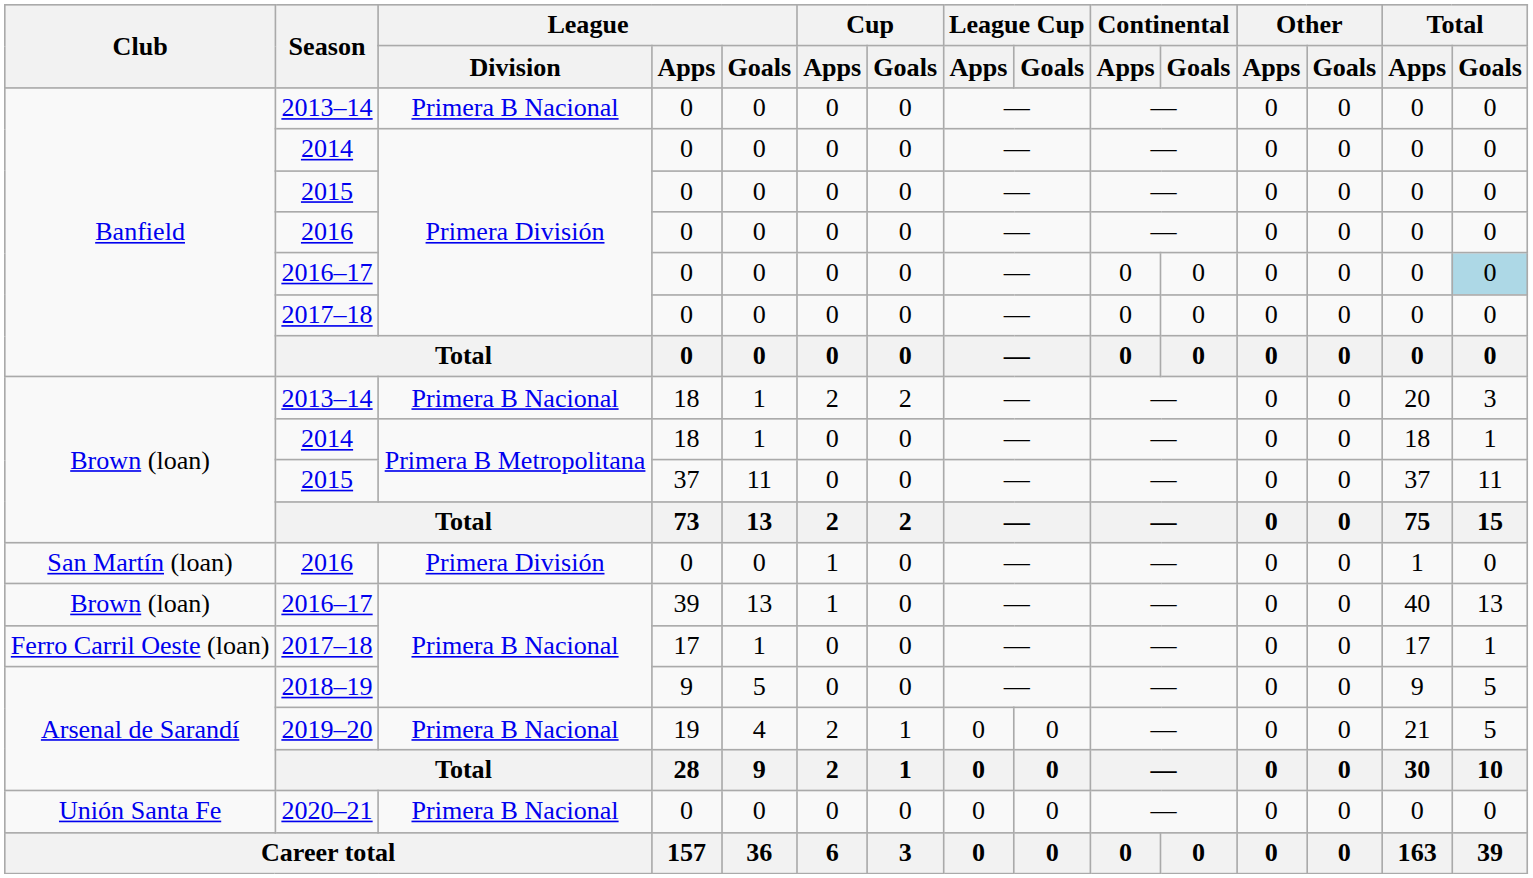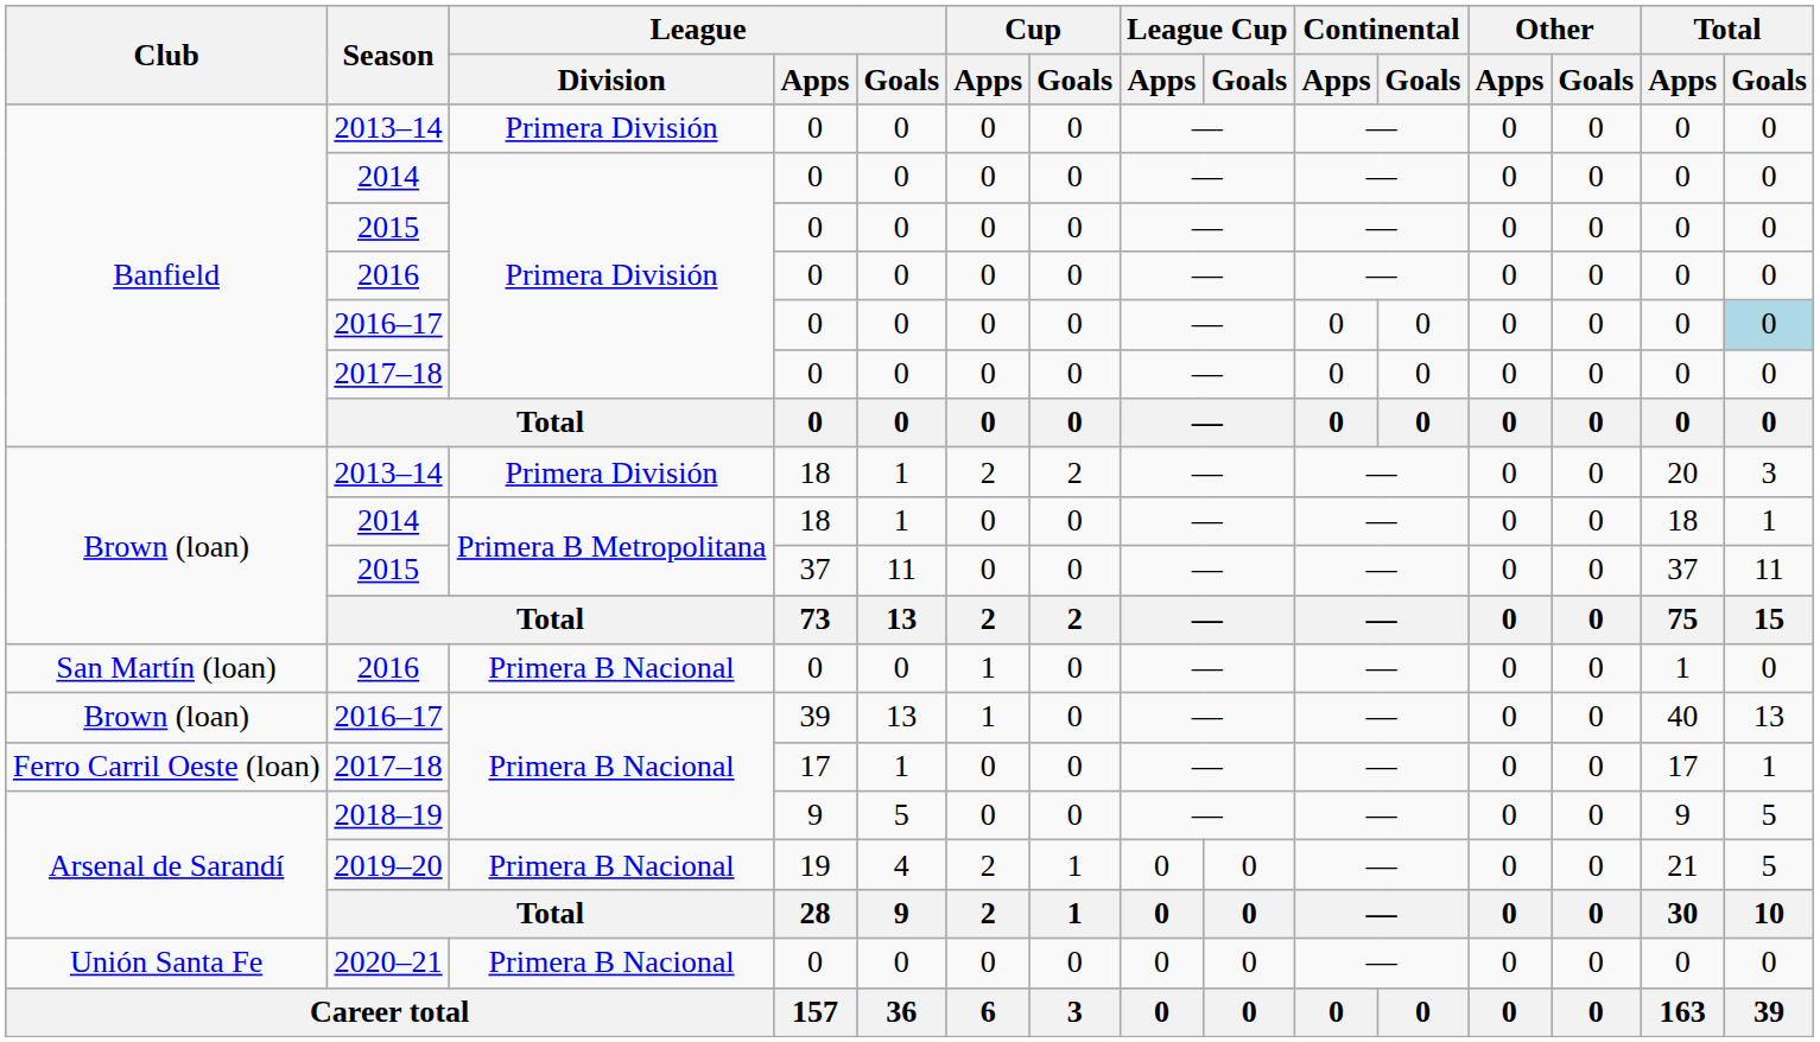 <table class="wikitable" style="text-align:center">
 <tr>
 <th rowspan="2">Club</th>
 <th rowspan="2">Season</th>
 <th colspan="3">League</th>
 <th colspan="2">Cup</th>
 <th colspan="2">League Cup</th>
 <th colspan="2">Continental</th>
 <th colspan="2">Other</th>
 <th colspan="2">Total</th>
 </tr>
 <tr>
 <th>Division</th>
 <th>Apps</th>
 <th>Goals</th>
 <th>Apps</th>
 <th>Goals</th>
 <th>Apps</th>
 <th>Goals</th>
 <th>Apps</th>
 <th>Goals</th>
 <th>Apps</th>
 <th>Goals</th>
 <th>Apps</th>
 <th>Goals</th>
 </tr>
 <tr>
 <td rowspan="7"><a href='#'>Banfield</a></td>
 <td><a href='#'>2013–14</a></td>
-<td rowspan="1"><a href='#'>Primera B Nacional</a></td>
+<td rowspan="1"><a href='#'>Primera División</a></td>
 <td>0</td>
 <td>0</td>
 <td>0</td>
 <td>0</td>
 <td colspan="2">—</td>
 <td colspan="2">—</td>
 <td>0</td>
 <td>0</td>
 <td>0</td>
 <td>0</td>
 </tr>
 <tr>
 <td><a href='#'>2014</a></td>
 <td rowspan="5"><a href='#'>Primera División</a></td>
 <td>0</td>
 <td>0</td>
 <td>0</td>
 <td>0</td>
 <td colspan="2">—</td>
 <td colspan="2">—</td>
 <td>0</td>
 <td>0</td>
 <td>0</td>
 <td>0</td>
 </tr>
 <tr>
 <td><a href='#'>2015</a></td>
 <td>0</td>
 <td>0</td>
 <td>0</td>
 <td>0</td>
 <td colspan="2">—</td>
 <td colspan="2">—</td>
 <td>0</td>
 <td>0</td>
 <td>0</td>
 <td>0</td>
 </tr>
 <tr>
 <td><a href='#'>2016</a></td>
 <td>0</td>
 <td>0</td>
 <td>0</td>
 <td>0</td>
 <td colspan="2">—</td>
 <td colspan="2">—</td>
 <td>0</td>
 <td>0</td>
 <td>0</td>
 <td>0</td>
 </tr>
 <tr>
 <td><a href='#'>2016–17</a></td>
 <td>0</td>
 <td>0</td>
 <td>0</td>
 <td>0</td>
 <td colspan="2">—</td>
 <td>0</td>
 <td>0</td>
 <td>0</td>
 <td>0</td>
 <td>0</td>
 <td style="background: lightblue;">0</td>
 </tr>
 <tr>
 <td><a href='#'>2017–18</a></td>
 <td>0</td>
 <td>0</td>
 <td>0</td>
 <td>0</td>
 <td colspan="2">—</td>
 <td>0</td>
 <td>0</td>
 <td>0</td>
 <td>0</td>
 <td>0</td>
 <td>0</td>
 </tr>
 <tr>
 <th colspan="2">Total</th>
 <th>0</th>
 <th>0</th>
 <th>0</th>
 <th>0</th>
 <th colspan="2">—</th>
 <th>0</th>
 <th>0</th>
 <th>0</th>
 <th>0</th>
 <th>0</th>
 <th>0</th>
 </tr>
 <tr>
 <td rowspan="4"><a href='#'>Brown</a> (loan)</td>
 <td><a href='#'>2013–14</a></td>
-<td rowspan="1"><a href='#'>Primera B Nacional</a></td>
+<td rowspan="1"><a href='#'>Primera División</a></td>
 <td>18</td>
 <td>1</td>
 <td>2</td>
 <td>2</td>
 <td colspan="2">—</td>
 <td colspan="2">—</td>
 <td>0</td>
 <td>0</td>
 <td>20</td>
 <td>3</td>
 </tr>
 <tr>
 <td><a href='#'>2014</a></td>
 <td rowspan="2"><a href='#'>Primera B Metropolitana</a></td>
 <td>18</td>
 <td>1</td>
 <td>0</td>
 <td>0</td>
 <td colspan="2">—</td>
 <td colspan="2">—</td>
 <td>0</td>
 <td>0</td>
 <td>18</td>
 <td>1</td>
 </tr>
 <tr>
 <td><a href='#'>2015</a></td>
 <td>37</td>
 <td>11</td>
 <td>0</td>
 <td>0</td>
 <td colspan="2">—</td>
 <td colspan="2">—</td>
 <td>0</td>
 <td>0</td>
 <td>37</td>
 <td>11</td>
 </tr>
 <tr>
 <th colspan="2">Total</th>
 <th>73</th>
 <th>13</th>
 <th>2</th>
 <th>2</th>
 <th colspan="2">—</th>
 <th colspan="2">—</th>
 <th>0</th>
 <th>0</th>
 <th>75</th>
 <th>15</th>
 </tr>
 <tr>
 <td rowspan="1"><a href='#'>San Martín</a> (loan)</td>
 <td><a href='#'>2016</a></td>
-<td rowspan="1"><a href='#'>Primera División</a></td>
+<td rowspan="1"><a href='#'>Primera B Nacional</a></td>
 <td>0</td>
 <td>0</td>
 <td>1</td>
 <td>0</td>
 <td colspan="2">—</td>
 <td colspan="2">—</td>
 <td>0</td>
 <td>0</td>
 <td>1</td>
 <td>0</td>
 </tr>
 <tr>
 <td rowspan="1"><a href='#'>Brown</a> (loan)</td>
 <td><a href='#'>2016–17</a></td>
 <td rowspan="3"><a href='#'>Primera B Nacional</a></td>
 <td>39</td>
 <td>13</td>
 <td>1</td>
 <td>0</td>
 <td colspan="2">—</td>
 <td colspan="2">—</td>
 <td>0</td>
 <td>0</td>
 <td>40</td>
 <td>13</td>
 </tr>
 <tr>
 <td rowspan="1"><a href='#'>Ferro Carril Oeste</a> (loan)</td>
 <td><a href='#'>2017–18</a></td>
 <td>17</td>
 <td>1</td>
 <td>0</td>
 <td>0</td>
 <td colspan="2">—</td>
 <td colspan="2">—</td>
 <td>0</td>
 <td>0</td>
 <td>17</td>
 <td>1</td>
 </tr>
 <tr>
 <td rowspan="3"><a href='#'>Arsenal de Sarandí</a></td>
 <td><a href='#'>2018–19</a></td>
 <td>9</td>
 <td>5</td>
 <td>0</td>
 <td>0</td>
 <td colspan="2">—</td>
 <td colspan="2">—</td>
 <td>0</td>
 <td>0</td>
 <td>9</td>
 <td>5</td>
 </tr>
 <tr>
 <td><a href='#'>2019–20</a></td>
 <td rowspan="1"><a href='#'>Primera B Nacional</a></td>
 <td>19</td>
 <td>4</td>
 <td>2</td>
 <td>1</td>
 <td>0</td>
 <td>0</td>
 <td colspan="2">—</td>
 <td>0</td>
 <td>0</td>
 <td>21</td>
 <td>5</td>
 </tr>
 <tr>
 <th colspan="2">Total</th>
 <th>28</th>
 <th>9</th>
 <th>2</th>
 <th>1</th>
 <th>0</th>
 <th>0</th>
 <th colspan="2">—</th>
 <th>0</th>
 <th>0</th>
 <th>30</th>
 <th>10</th>
 </tr>
 <tr>
 <td rowspan="1"><a href='#'>Unión Santa Fe</a></td>
 <td><a href='#'>2020–21</a></td>
 <td rowspan="1"><a href='#'>Primera B Nacional</a></td>
 <td>0</td>
 <td>0</td>
 <td>0</td>
 <td>0</td>
 <td>0</td>
 <td>0</td>
 <td colspan="2">—</td>
 <td>0</td>
 <td>0</td>
 <td>0</td>
 <td>0</td>
 </tr>
 <tr>
 <th colspan="3">Career total</th>
 <th>157</th>
 <th>36</th>
 <th>6</th>
 <th>3</th>
 <th>0</th>
 <th>0</th>
 <th>0</th>
 <th>0</th>
 <th>0</th>
 <th>0</th>
 <th>163</th>
 <th>39</th>
 </tr>
 </table>
